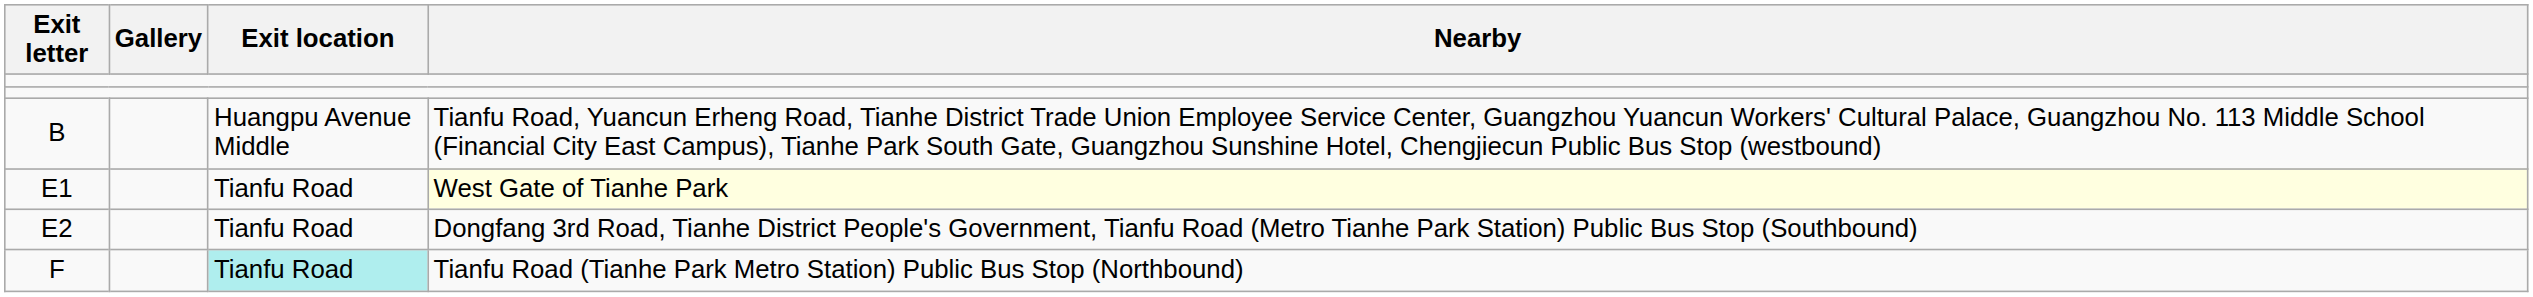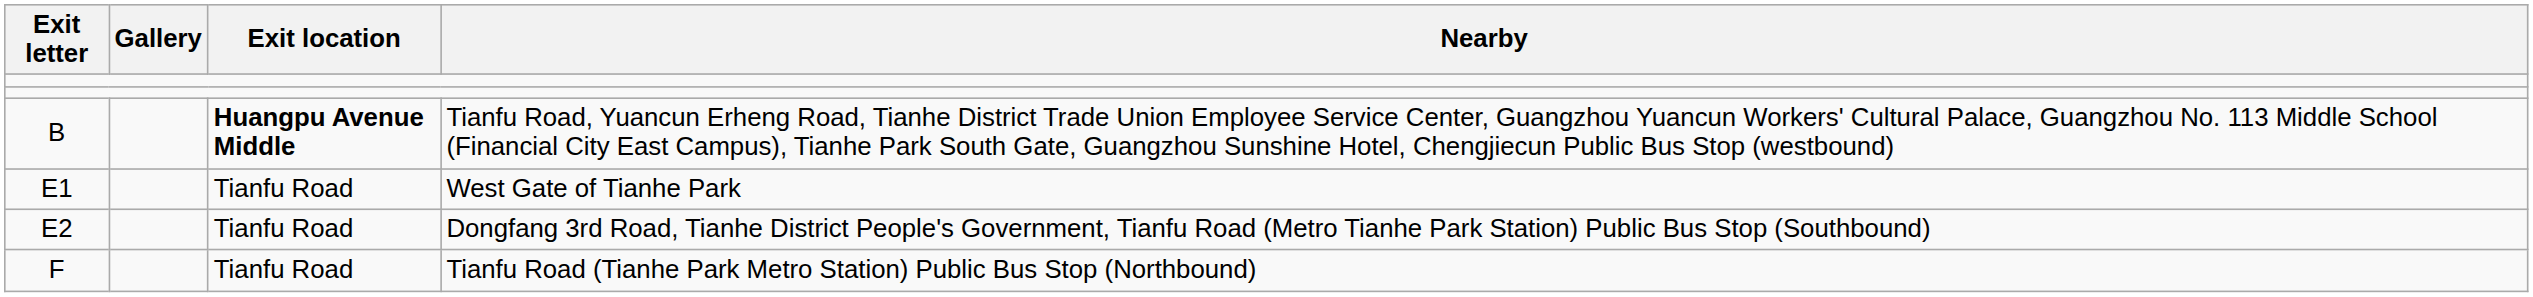 <table class="wikitable">
 <tr>
 <th style="width:70px" colspan="3">Exit letter</th>
 <th>Gallery</th>
 <th>Exit location</th>
 <th>Nearby</th>
 </tr>
 <tr style="background:#">
 <td colspan = "6"></td>
 </tr>
 <tr style="background:#">
 <td colspan = "6"></td>
 </tr>
 <tr>
 <td align="center" colspan="3">B</td>
 <td></td>
-<td>Huangpu Avenue Middle</td>
+<td><strong>Huangpu Avenue Middle</strong></td>
 <td>Tianfu Road, Yuancun Erheng Road, Tianhe District Trade Union Employee Service Center, Guangzhou Yuancun Workers' Cultural Palace, Guangzhou No. 113 Middle School (Financial City East Campus), Tianhe Park South Gate, Guangzhou Sunshine Hotel, Chengjiecun Public Bus Stop (westbound)</td>
 </tr>
 <tr>
 <td align="center" colspan="3">E1</td>
 <td><br></td>
 <td>Tianfu Road</td>
-<td style="background: lightyellow;">West Gate of Tianhe Park</td>
+<td>West Gate of Tianhe Park</td>
 </tr>
 <tr>
 <td align="center" colspan="3">E2</td>
 <td></td>
 <td>Tianfu Road</td>
 <td>Dongfang 3rd Road, Tianhe District People's Government, Tianfu Road (Metro Tianhe Park Station) Public Bus Stop (Southbound)</td>
 </tr>
 <tr>
 <td align="center" colspan="3">F</td>
 <td></td>
-<td style="background: paleturquoise;">Tianfu Road</td>
+<td>Tianfu Road</td>
 <td>Tianfu Road (Tianhe Park Metro Station) Public Bus Stop (Northbound)</td>
 </tr>
 </table>
